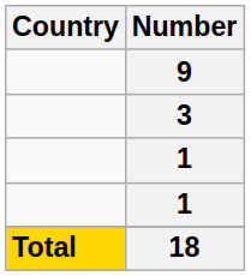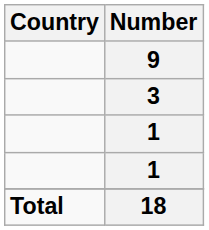 <table class="wikitable centre sortable">
 <tr>
 <th>Country</th>
 <th>Number</th>
 </tr>
 <tr>
 <td></td>
 <th>9</th>
 </tr>
 <tr>
 <td></td>
 <th>3</th>
 </tr>
 <tr>
 <td></td>
 <th>1</th>
 </tr>
 <tr>
 <td></td>
 <th>1</th>
 </tr>
 <tr>
 </tr>
 <tr class="sortbottom">
-<td style="background: gold;"><strong>Total</strong></td>
+<td><strong>Total</strong></td>
 <th>18</th>
 </tr>
 </table>
